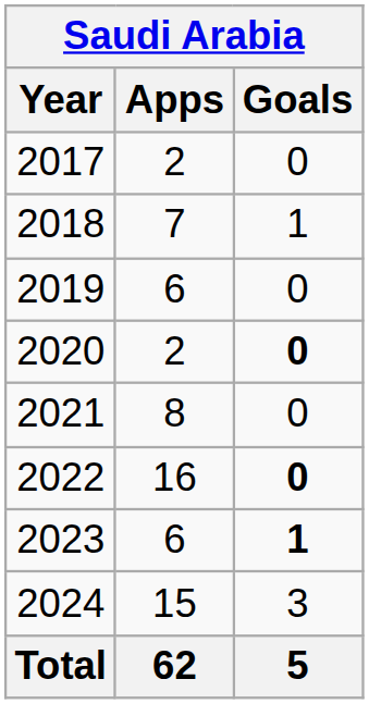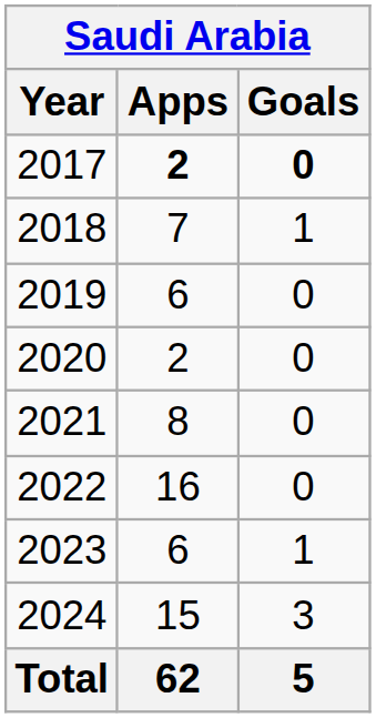 <table class="wikitable" style="text-align:center">
 <tr>
 <th colspan=3><a href='#'>Saudi Arabia</a></th>
 </tr>
 <tr>
 <th>Year</th>
 <th>Apps</th>
 <th>Goals</th>
 </tr>
 <tr>
 <td>2017</td>
-<td>2</td>
-<td>0</td>
+<td><strong>2</strong></td>
+<td><strong>0</strong></td>
 </tr>
 <tr>
 <td>2018</td>
 <td>7</td>
 <td>1</td>
 </tr>
 <tr>
 <td>2019</td>
 <td>6</td>
 <td>0</td>
 </tr>
 <tr>
 <td>2020</td>
 <td>2</td>
-<td><strong>0</strong></td>
+<td>0</td>
 </tr>
 <tr>
 <td>2021</td>
 <td>8</td>
 <td>0</td>
 </tr>
 <tr>
 <td>2022</td>
 <td>16</td>
-<td><strong>0</strong></td>
+<td>0</td>
 </tr>
 <tr>
 <td>2023</td>
 <td>6</td>
-<td><strong>1</strong></td>
+<td>1</td>
 </tr>
 <tr>
 <td>2024</td>
 <td>15</td>
 <td>3</td>
 </tr>
 <tr>
 <th>Total</th>
 <th>62</th>
 <th>5</th>
 </tr>
 </table>
